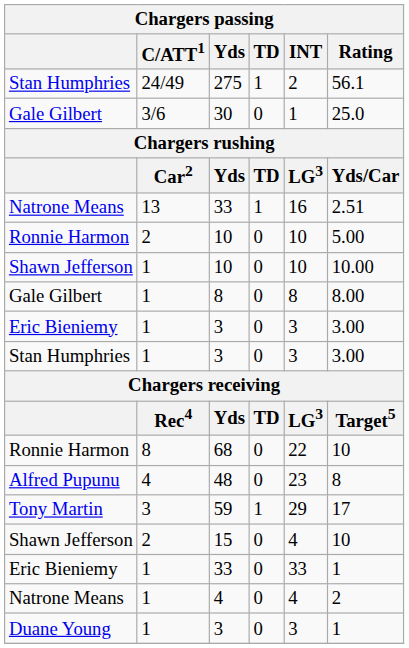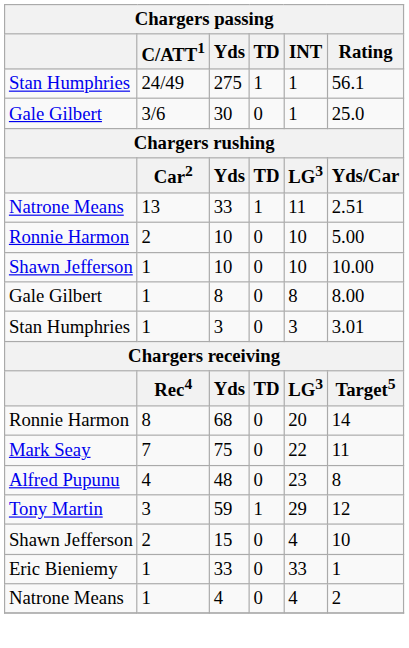 <table class="wikitable">
 <tr>
 <th colspan="6">Chargers passing</th>
 </tr>
 <tr>
 <th></th>
 <th>C/ATT<sup>1</sup></th>
 <th>Yds</th>
 <th>TD</th>
 <th>INT</th>
 <th>Rating</th>
 </tr>
 <tr>
 <td><a href='#'>Stan Humphries</a></td>
 <td>24/49</td>
 <td>275</td>
 <td>1</td>
-<td>2</td>
+<td>1</td>
 <td>56.1</td>
 </tr>
 <tr>
 <td><a href='#'>Gale Gilbert</a></td>
 <td>3/6</td>
 <td>30</td>
 <td>0</td>
 <td>1</td>
 <td>25.0</td>
 </tr>
 <tr>
 <th colspan="6">Chargers rushing</th>
 </tr>
 <tr>
 <th></th>
 <th>Car<sup>2</sup></th>
 <th>Yds</th>
 <th>TD</th>
 <th>LG<sup>3</sup></th>
 <th>Yds/Car</th>
 </tr>
 <tr>
 <td><a href='#'>Natrone Means</a></td>
 <td>13</td>
 <td>33</td>
 <td>1</td>
-<td>16</td>
+<td>11</td>
 <td>2.51</td>
 </tr>
 <tr>
 <td><a href='#'>Ronnie Harmon</a></td>
 <td>2</td>
 <td>10</td>
 <td>0</td>
 <td>10</td>
 <td>5.00</td>
 </tr>
 <tr>
 <td><a href='#'>Shawn Jefferson</a></td>
 <td>1</td>
 <td>10</td>
 <td>0</td>
 <td>10</td>
 <td>10.00</td>
 </tr>
 <tr>
 <td>Gale Gilbert</td>
 <td>1</td>
 <td>8</td>
 <td>0</td>
 <td>8</td>
 <td>8.00</td>
 </tr>
 <tr>
-<td><a href='#'>Eric Bieniemy</a></td>
-<td>1</td>
-<td>3</td>
-<td>0</td>
-<td>3</td>
-<td>3.00</td>
-</tr>
-<tr>
 <td>Stan Humphries</td>
 <td>1</td>
 <td>3</td>
 <td>0</td>
 <td>3</td>
-<td>3.00</td>
+<td>3.01</td>
 </tr>
 <tr>
 <th colspan="6">Chargers receiving</th>
 </tr>
 <tr>
 <th></th>
 <th>Rec<sup>4</sup></th>
 <th>Yds</th>
 <th>TD</th>
 <th>LG<sup>3</sup></th>
 <th>Target<sup>5</sup></th>
 </tr>
 <tr>
 <td>Ronnie Harmon</td>
 <td>8</td>
 <td>68</td>
 <td>0</td>
+<td>20</td>
+<td>14</td>
+</tr>
+<tr>
+<td><a href='#'>Mark Seay</a></td>
+<td>7</td>
+<td>75</td>
+<td>0</td>
 <td>22</td>
-<td>10</td>
+<td>11</td>
 </tr>
 <tr>
 <td><a href='#'>Alfred Pupunu</a></td>
 <td>4</td>
 <td>48</td>
 <td>0</td>
 <td>23</td>
 <td>8</td>
 </tr>
 <tr>
 <td><a href='#'>Tony Martin</a></td>
 <td>3</td>
 <td>59</td>
 <td>1</td>
 <td>29</td>
-<td>17</td>
+<td>12</td>
 </tr>
 <tr>
 <td>Shawn Jefferson</td>
 <td>2</td>
 <td>15</td>
 <td>0</td>
 <td>4</td>
 <td>10</td>
 </tr>
 <tr>
 <td>Eric Bieniemy</td>
 <td>1</td>
 <td>33</td>
 <td>0</td>
 <td>33</td>
 <td>1</td>
 </tr>
 <tr>
 <td>Natrone Means</td>
 <td>1</td>
 <td>4</td>
 <td>0</td>
 <td>4</td>
 <td>2</td>
 </tr>
 <tr>
-<td><a href='#'>Duane Young</a></td>
-<td>1</td>
-<td>3</td>
-<td>0</td>
-<td>3</td>
-<td>1</td>
-</tr>
-<tr>
 </tr>
 </table>
